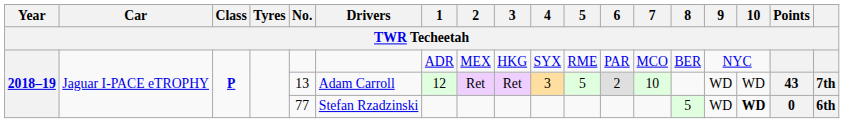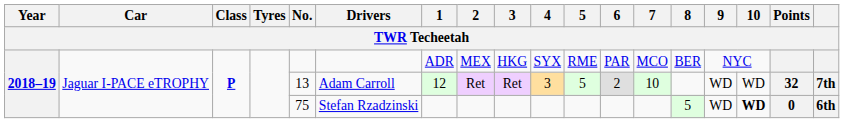 <table class="wikitable" style="font-size: 85%; text-align:center;">
 <tr valign="top">
 <th valign=middle>Year</th>
 <th valign=middle>Car</th>
 <th valign=middle>Class</th>
 <th valign=middle>Tyres</th>
 <th valign=middle>No.</th>
 <th valign=middle>Drivers</th>
 <th style="width:26px;">1</th>
 <th style="width:26px;">2</th>
 <th style="width:26px;">3</th>
 <th style="width:26px;">4</th>
 <th style="width:26px;">5</th>
 <th style="width:26px;">6</th>
 <th style="width:26px;">7</th>
 <th style="width:26px;">8</th>
 <th style="width:26px;">9</th>
 <th style="width:26px;">10</th>
 <th valign="middle">Points</th>
 <th></th>
 </tr>
 <tr>
 <th colspan=18><a href='#'>TWR</a> Techeetah</th>
 </tr>
 <tr>
 <th rowspan=3><a href='#'>2018–19</a></th>
 <td rowspan=3><a href='#'>Jaguar I-PACE eTROPHY</a></td>
 <td rowspan=3><a href='#'><strong><span>P</span></strong></a></td>
 <td rowspan=3></td>
 <td></td>
 <td></td>
 <td><a href='#'>ADR</a></td>
 <td><a href='#'>MEX</a></td>
 <td><a href='#'>HKG</a></td>
 <td><a href='#'>SYX</a></td>
 <td><a href='#'>RME</a></td>
 <td><a href='#'>PAR</a></td>
 <td><a href='#'>MCO</a></td>
 <td><a href='#'>BER</a></td>
 <td colspan=2><a href='#'>NYC</a></td>
 <th scope="row"></th>
 <th scope="row"></th>
 </tr>
 <tr>
 <td>13</td>
 <td align="left"> <a href='#'>Adam Carroll</a></td>
 <td style="background:#DFFFDF;">12</td>
 <td style="background:#EFCFFF;">Ret</td>
 <td style="background:#EFCFFF;">Ret</td>
 <td style="background:#ffdf9f;">3</td>
 <td style="background:#DFFFDF;">5</td>
 <td style="background:#DFDFDF;">2</td>
 <td style="background:#DFFFDF;">10</td>
 <td></td>
 <td>WD</td>
 <td>WD</td>
-<th scope="row">43</th>
+<th scope="row">32</th>
 <th scope="row">7th</th>
 </tr>
 <tr>
-<td>77</td>
+<td>75</td>
 <td align="left"> <a href='#'>Stefan Rzadzinski</a></td>
 <td></td>
 <td></td>
 <td></td>
 <td></td>
 <td></td>
 <td></td>
 <td></td>
 <td style="background:#DFFFDF;">5</td>
 <td>WD</td>
 <td><strong>WD</strong></td>
 <th scope="row">0</th>
 <th scope="row">6th</th>
 </tr>
 </table>
